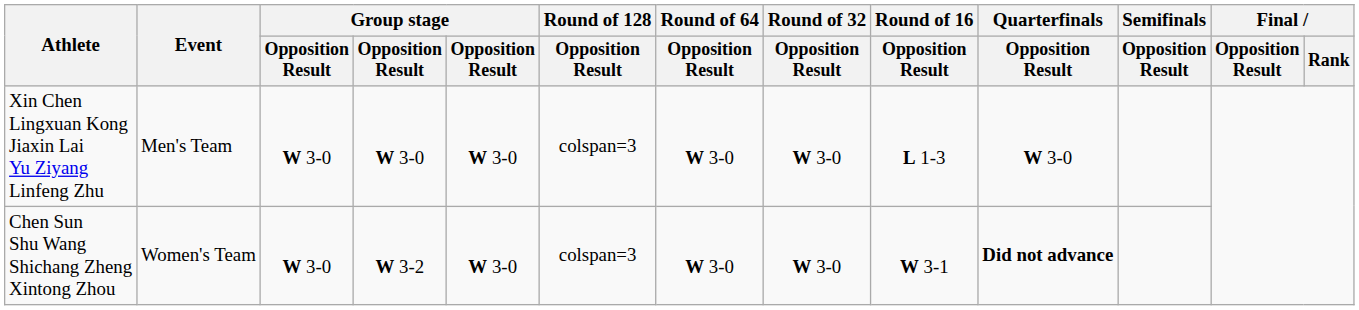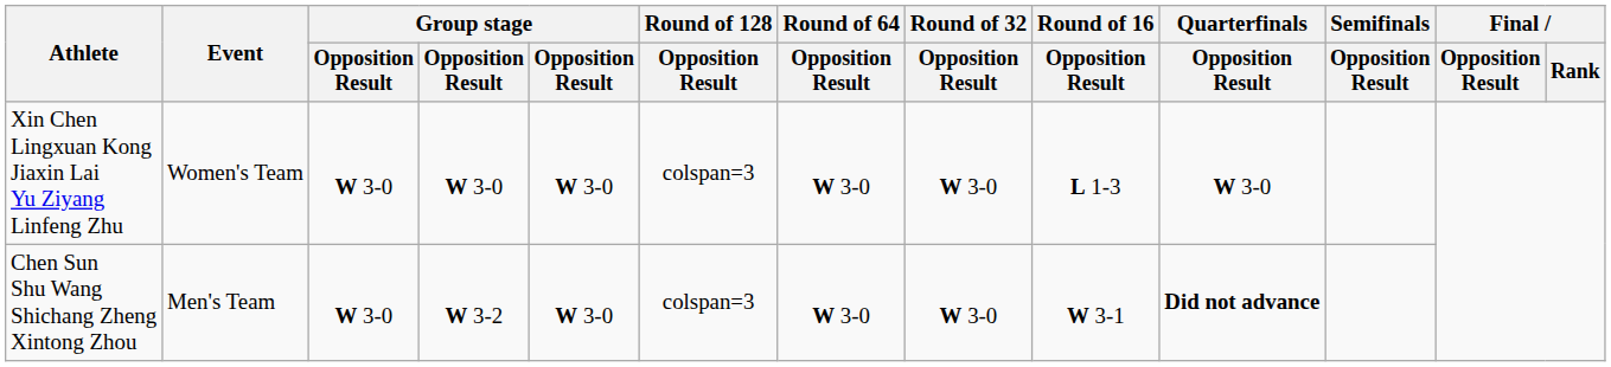 <table class="wikitable" style="font-size:90%;">
 <tr>
 <th rowspan=2>Athlete</th>
 <th rowspan=2>Event</th>
 <th colspan=3>Group stage</th>
 <th>Round of 128</th>
 <th>Round of 64</th>
 <th>Round of 32</th>
 <th>Round of 16</th>
 <th>Quarterfinals</th>
 <th>Semifinals</th>
 <th colspan=2>Final / </th>
 </tr>
 <tr style="font-size:95%">
 <th>Opposition<br>Result</th>
 <th>Opposition<br>Result</th>
 <th>Opposition<br>Result</th>
 <th>Opposition<br>Result</th>
 <th>Opposition<br>Result</th>
 <th>Opposition<br>Result</th>
 <th>Opposition<br>Result</th>
 <th>Opposition<br>Result</th>
 <th>Opposition<br>Result</th>
 <th>Opposition<br>Result</th>
 <th>Rank</th>
 </tr>
 <tr align=center>
 <td align=left>Xin Chen<br>Lingxuan Kong<br>Jiaxin Lai<br><a href='#'>Yu Ziyang</a><br>Linfeng Zhu</td>
-<td align=left>Men's Team</td>
+<td align=left>Women's Team</td>
 <td><br><strong>W</strong> 3-0</td>
 <td><br><strong>W</strong> 3-0</td>
 <td><br><strong>W</strong> 3-0</td>
 <td>colspan=3 </td>
 <td><br><strong>W</strong> 3-0</td>
 <td><br><strong>W</strong> 3-0</td>
 <td><br><strong>L</strong> 1-3</td>
 <td><br><strong>W</strong> 3-0</td>
 <td></td>
 </tr>
 <tr align=center>
 <td align=left>Chen Sun<br>Shu Wang<br>Shichang Zheng<br>Xintong Zhou</td>
-<td align=left>Women's Team</td>
+<td align=left>Men's Team</td>
 <td><br><strong>W</strong> 3-0</td>
 <td><br><strong>W</strong> 3-2</td>
 <td><br><strong>W</strong> 3-0</td>
 <td>colspan=3 </td>
 <td><br><strong>W</strong> 3-0</td>
 <td><br><strong>W</strong> 3-0</td>
 <td><br><strong>W</strong> 3-1</td>
 <td><strong>Did not advance</strong></td>
 <td></td>
 </tr>
 </table>
